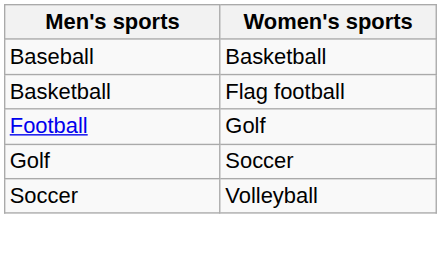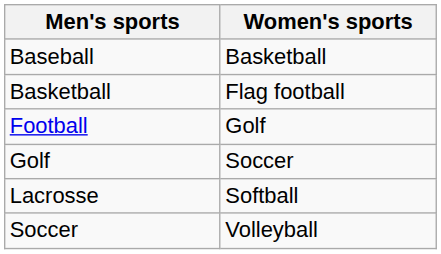 <table class="wikitable"; style= "text-align: ">
 <tr>
 <th width=150px>Men's sports</th>
 <th width=150px>Women's sports</th>
 </tr>
 <tr>
 <td>Baseball</td>
 <td>Basketball</td>
 </tr>
 <tr>
 <td>Basketball</td>
 <td>Flag football</td>
 </tr>
 <tr>
 <td><a href='#'>Football</a></td>
 <td>Golf</td>
 </tr>
 <tr>
 <td>Golf</td>
 <td>Soccer</td>
 </tr>
 <tr>
+<td>Lacrosse</td>
+<td>Softball</td>
+</tr>
+<tr>
 <td>Soccer</td>
 <td>Volleyball</td>
 </tr>
 </table>
